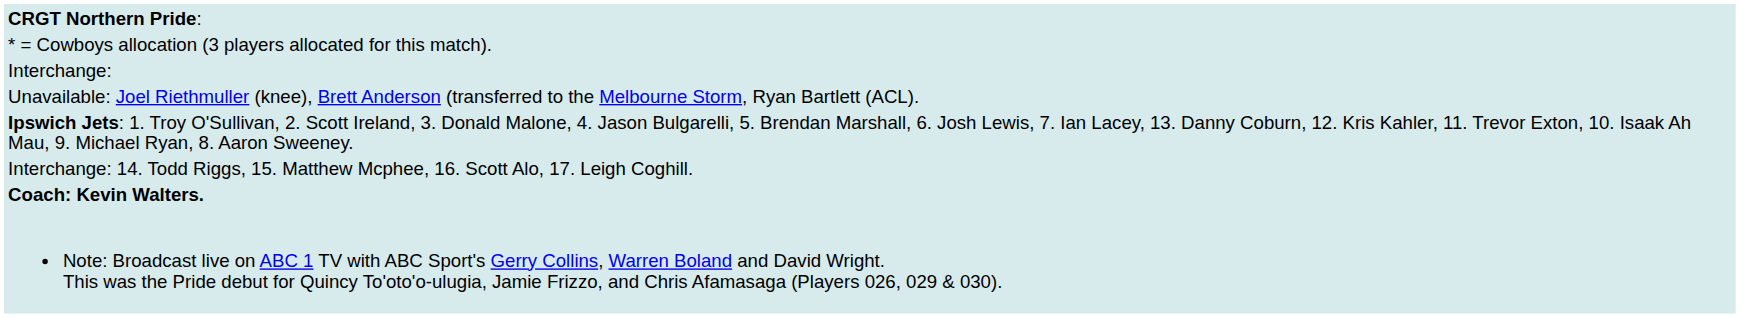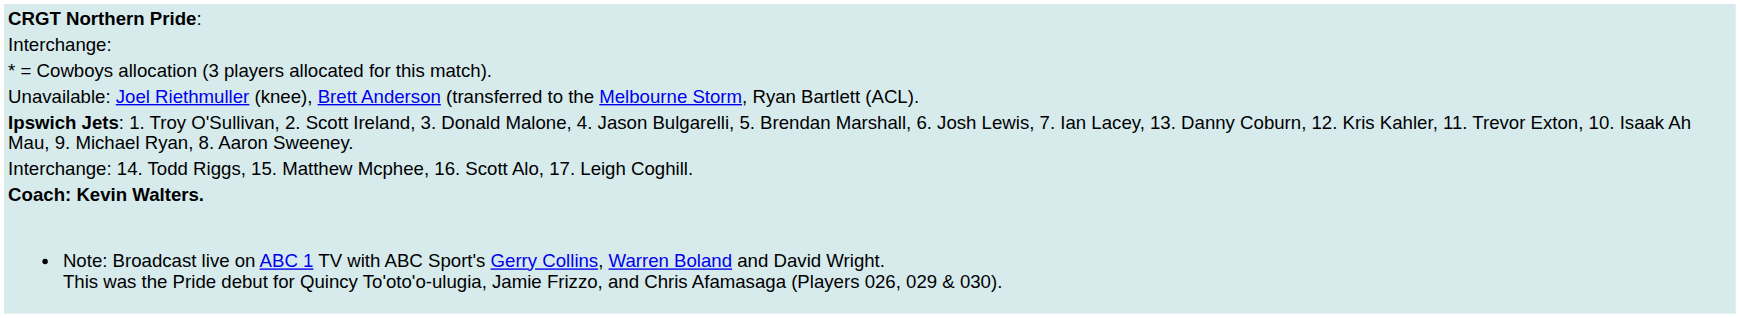 <table style="background:#d7ebed; font-size:85%; width:100%;">
 <tr>
 <td><strong>CRGT Northern Pride</strong>:             </td>
 </tr>
 <tr>
-<td>* = Cowboys allocation (3 players allocated for this match).</td>
+<td>Interchange:    </td>
 </tr>
 <tr>
-<td>Interchange:    </td>
+<td>* = Cowboys allocation (3 players allocated for this match).</td>
 </tr>
 <tr>
 <td>Unavailable: <a href='#'>Joel Riethmuller</a> (knee), <a href='#'>Brett Anderson</a> (transferred to the <a href='#'>Melbourne Storm</a>, Ryan Bartlett (ACL).</td>
 </tr>
 <tr>
 <td><strong>Ipswich Jets</strong>: 1. Troy O'Sullivan, 2. Scott Ireland, 3. Donald Malone, 4. Jason Bulgarelli, 5. Brendan Marshall, 6. Josh Lewis, 7. Ian Lacey, 13. Danny Coburn, 12. Kris Kahler, 11. Trevor Exton, 10. Isaak Ah Mau, 9. Michael Ryan, 8. Aaron Sweeney.</td>
 </tr>
 <tr>
 <td>Interchange: 14. Todd Riggs, 15. Matthew Mcphee, 16. Scott Alo, 17. Leigh Coghill.</td>
 </tr>
 <tr>
 <td><strong>Coach: Kevin Walters.</strong></td>
 </tr>
 <tr>
 <td><br><ul><li>Note: Broadcast live on <a href='#'>ABC 1</a> TV with ABC Sport's <a href='#'>Gerry Collins</a>, <a href='#'>Warren Boland</a> and David Wright.<br>This was the Pride debut for Quincy To'oto'o-ulugia, Jamie Frizzo, and Chris Afamasaga (Players 026, 029 & 030).</li></ul></td>
 </tr>
 </table>
